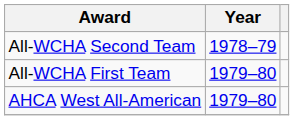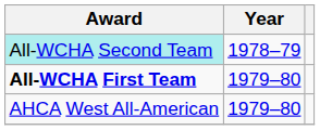 <table class="wikitable">
 <tr>
 <th>Award</th>
 <th>Year</th>
 <th></th>
 </tr>
 <tr>
-<td>All-<a href='#'>WCHA</a> <a href='#'>Second Team</a></td>
+<td style="background: paleturquoise;">All-<a href='#'>WCHA</a> <a href='#'>Second Team</a></td>
 <td><a href='#'>1978–79</a></td>
 <td></td>
 </tr>
 <tr>
-<td>All-<a href='#'>WCHA</a> <a href='#'>First Team</a></td>
+<td><strong>All-<a href='#'>WCHA</a> <a href='#'>First Team</a></strong></td>
 <td><a href='#'>1979–80</a></td>
 <td></td>
 </tr>
 <tr>
 <td><a href='#'>AHCA</a> <a href='#'>West All-American</a></td>
 <td><a href='#'>1979–80</a></td>
 <td></td>
 </tr>
 <tr>
 </tr>
 </table>
